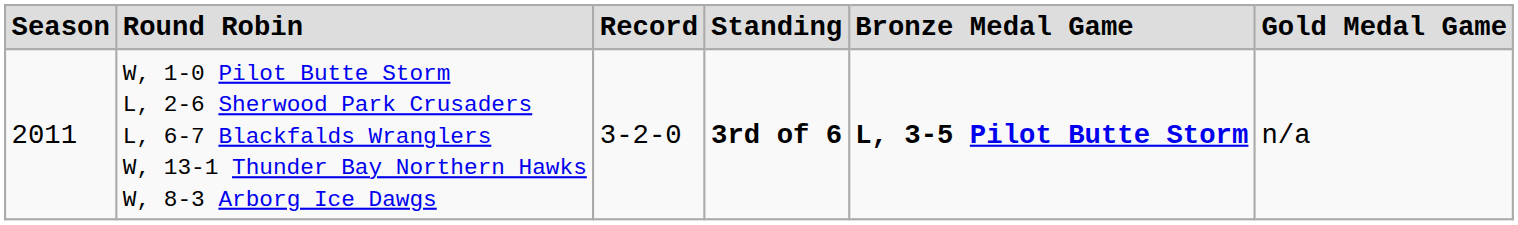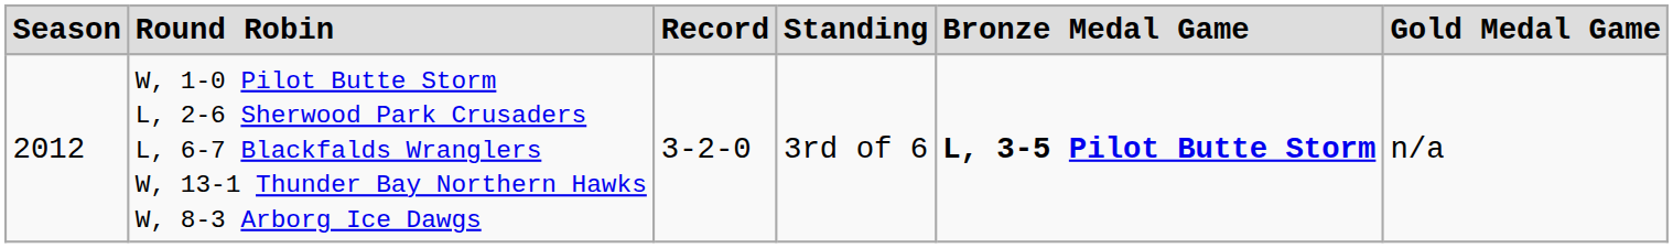 <table class="wikitable">
 <tr style="font-weight:bold; background-color:#dddddd;" |>
 <td>Season</td>
 <td>Round Robin</td>
 <td>Record</td>
 <td>Standing</td>
 <td>Bronze Medal Game</td>
 <td>Gold Medal Game</td>
 </tr>
 <tr>
-<td>2011</td>
+<td>2012</td>
 <td><small>W, 1-0 <a href='#'>Pilot Butte Storm</a><br>L, 2-6 <a href='#'>Sherwood Park Crusaders</a><br>L, 6-7 <a href='#'>Blackfalds Wranglers</a><br>W, 13-1 <a href='#'>Thunder Bay Northern Hawks</a><br>W, 8-3 <a href='#'>Arborg Ice Dawgs</a></small></td>
 <td>3-2-0</td>
-<td><strong>3rd of 6</strong></td>
+<td>3rd of 6</td>
 <td><strong>L, 3-5  <a href='#'>Pilot Butte Storm</a></strong></td>
 <td>n/a</td>
 </tr>
 </table>
